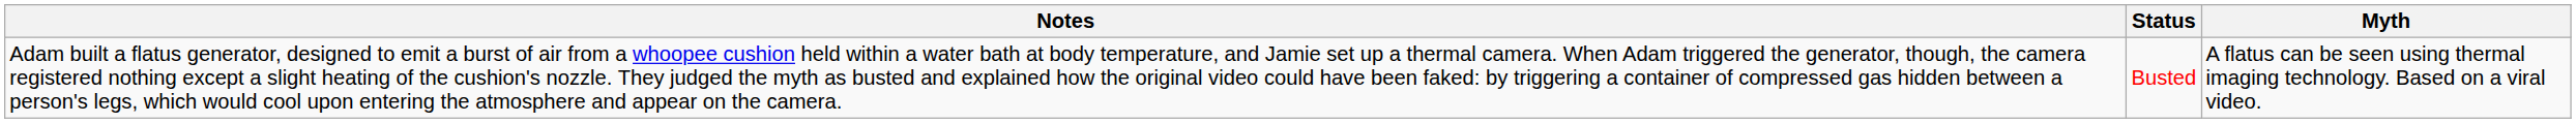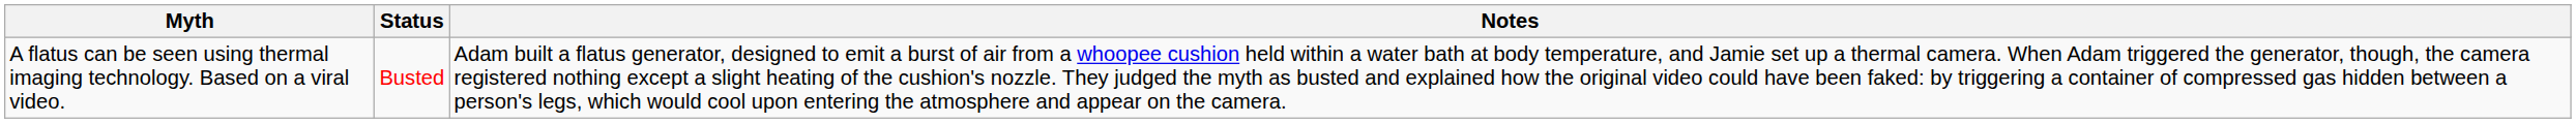 <table class="wikitable plainrowheaders">
 <tr>
+<th scope"col">Myth</th>
+<th scope"col">Status</th>
 <th scope"col">Notes</th>
-<th scope"col">Status</th>
-<th scope"col">Myth</th>
 </tr>
 <tr>
+<td scope"row">A flatus can be seen using thermal imaging technology. Based on a viral video.</td>
+<td style="color:red">Busted</td>
 <td>Adam built a flatus generator, designed to emit a burst of air from a <a href='#'>whoopee cushion</a> held within a water bath at body temperature, and Jamie set up a thermal camera. When Adam triggered the generator, though, the camera registered nothing except a slight heating of the cushion's nozzle. They judged the myth as busted and explained how the original video could have been faked: by triggering a container of compressed gas hidden between a person's legs, which would cool upon entering the atmosphere and appear on the camera.</td>
-<td style="color:red">Busted</td>
-<td scope"row">A flatus can be seen using thermal imaging technology. Based on a viral video.</td>
 </tr>
 </table>
